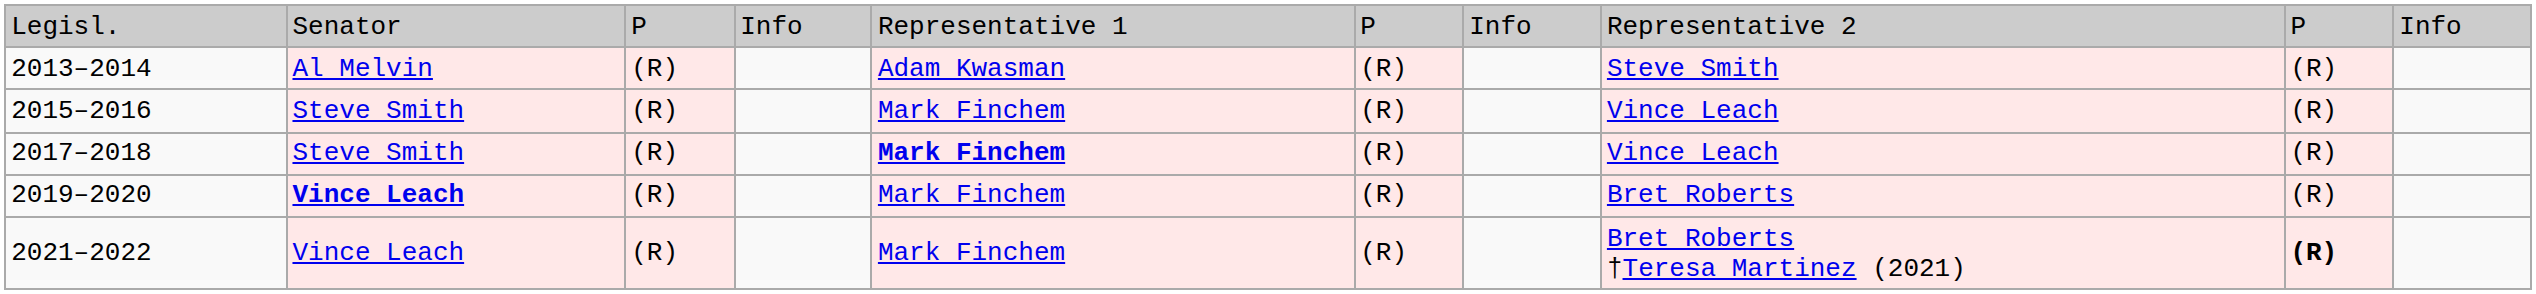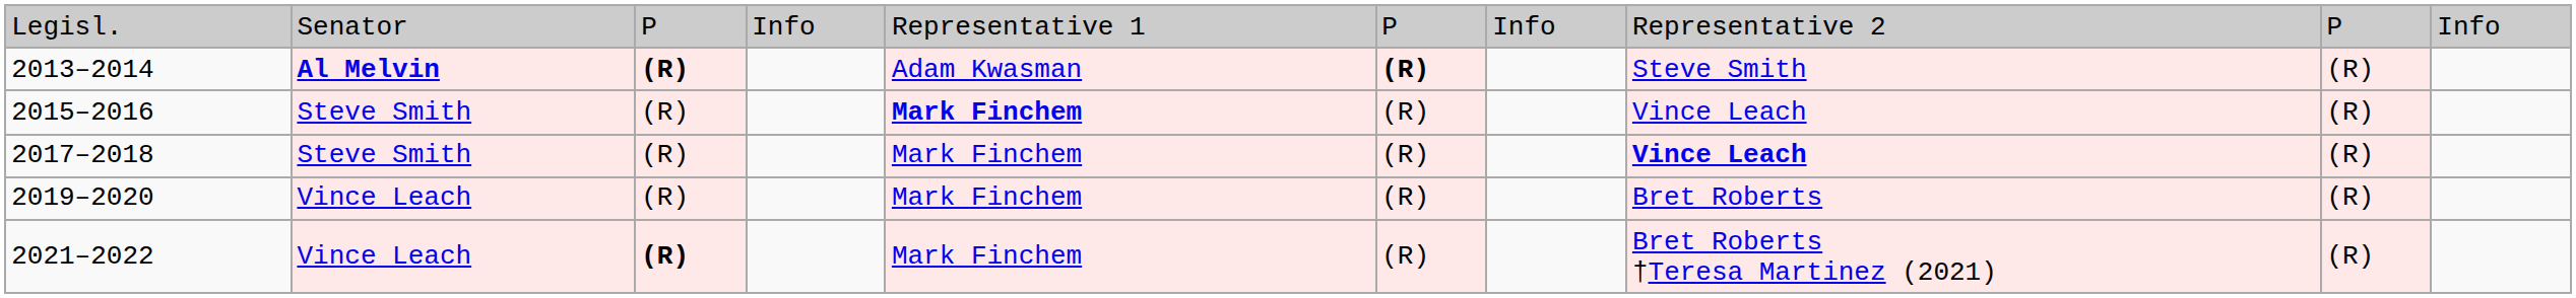 <table class=wikitable width="100%" border="1">
 <tr style="background-color:#cccccc;">
 <td>Legisl.</td>
 <td>Senator</td>
 <td>P</td>
 <td>Info</td>
 <td>Representative 1</td>
 <td>P</td>
 <td>Info</td>
 <td>Representative 2</td>
 <td>P</td>
 <td>Info</td>
 </tr>
 <tr>
 <td>2013–2014</td>
-<td style="background:#FFE8E8"><a href='#'>Al Melvin</a></td>
-<td style="background:#FFE8E8">(R)</td>
+<td style="background:#FFE8E8"><strong><a href='#'>Al Melvin</a></strong></td>
+<td style="background:#FFE8E8"><strong>(R)</strong></td>
 <td></td>
 <td style="background:#FFE8E8"><a href='#'>Adam Kwasman</a></td>
-<td style="background:#FFE8E8">(R)</td>
+<td style="background:#FFE8E8"><strong>(R)</strong></td>
 <td></td>
 <td style="background:#FFE8E8"><a href='#'>Steve Smith</a></td>
 <td style="background:#FFE8E8">(R)</td>
 <td></td>
 </tr>
 <tr>
 <td>2015–2016</td>
 <td style="background:#FFE8E8"><a href='#'>Steve Smith</a></td>
 <td style="background:#FFE8E8">(R)</td>
 <td></td>
-<td style="background:#FFE8E8"><a href='#'>Mark Finchem</a></td>
+<td style="background:#FFE8E8"><strong><a href='#'>Mark Finchem</a></strong></td>
 <td style="background:#FFE8E8">(R)</td>
 <td></td>
 <td style="background:#FFE8E8"><a href='#'>Vince Leach</a></td>
 <td style="background:#FFE8E8">(R)</td>
 <td></td>
 </tr>
 <tr>
 <td>2017–2018</td>
 <td style="background:#FFE8E8"><a href='#'>Steve Smith</a></td>
 <td style="background:#FFE8E8">(R)</td>
 <td></td>
-<td style="background:#FFE8E8"><strong><a href='#'>Mark Finchem</a></strong></td>
+<td style="background:#FFE8E8"><a href='#'>Mark Finchem</a></td>
 <td style="background:#FFE8E8">(R)</td>
 <td></td>
-<td style="background:#FFE8E8"><a href='#'>Vince Leach</a></td>
+<td style="background:#FFE8E8"><strong><a href='#'>Vince Leach</a></strong></td>
 <td style="background:#FFE8E8">(R)</td>
 <td></td>
 </tr>
 <tr>
 <td>2019–2020</td>
-<td style="background:#FFE8E8"><strong><a href='#'>Vince Leach</a></strong></td>
+<td style="background:#FFE8E8"><a href='#'>Vince Leach</a></td>
 <td style="background:#FFE8E8">(R)</td>
 <td></td>
 <td style="background:#FFE8E8"><a href='#'>Mark Finchem</a></td>
 <td style="background:#FFE8E8">(R)</td>
 <td></td>
 <td style="background:#FFE8E8"><a href='#'>Bret Roberts</a></td>
 <td style="background:#FFE8E8">(R)</td>
 <td></td>
 </tr>
 <tr>
 <td>2021–2022</td>
 <td style="background:#FFE8E8"><a href='#'>Vince Leach</a></td>
-<td style="background:#FFE8E8">(R)</td>
+<td style="background:#FFE8E8"><strong>(R)</strong></td>
 <td></td>
 <td style="background:#FFE8E8"><a href='#'>Mark Finchem</a></td>
 <td style="background:#FFE8E8">(R)</td>
 <td></td>
 <td style="background:#FFE8E8"><a href='#'>Bret Roberts</a><br>†<a href='#'>Teresa Martinez</a> (2021)</td>
-<td style="background:#FFE8E8"><strong>(R)</strong></td>
+<td style="background:#FFE8E8">(R)</td>
 <td></td>
 </tr>
 </table>
